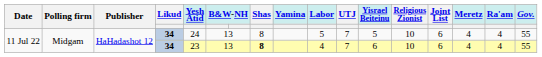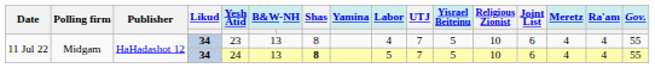 <table class="wikitable sortable" style=text-align:center;font-size:90%;line-height:12px>
 <tr>
 <th rowspan=2>Date</th>
 <th rowspan=2>Polling firm</th>
 <th rowspan=2>Publisher</th>
 <th><a href='#'>Likud</a></th>
 <th style=background:#cee><a href='#'>Yesh<br>Atid</a></th>
 <th style=background:#cee colspan=2><a href='#'>B&W</a>-<a href='#'>NH</a></th>
 <th><a href='#'>Shas</a></th>
 <th style=background:#cee><a href='#'>Yamina</a></th>
 <th style=background:#cee><a href='#'>Labor</a></th>
 <th><a href='#'>UTJ</a></th>
 <th style="background:#cee; font-size:90%"><a href='#'>Yisrael<br>Beiteinu</a></th>
 <th style=font-size:90%><a href='#'>Religious<br>Zionist</a></th>
 <th><a href='#'>Joint<br>List</a></th>
 <th style=background:#cee><a href='#'>Meretz</a></th>
 <th style=background:#cee><a href='#'>Ra'am</a></th>
 <th style=background:#cee><a href='#'><em>Gov.</em></a></th>
 </tr>
 <tr>
 <th style=background:></th>
 <th style=background:></th>
 <th style=background:></th>
 <th style=background:></th>
 <th style=background:></th>
 <th style=background:></th>
 <th style=background:></th>
 <th style=background:></th>
 <th style=background:></th>
 <th style=background:></th>
 <th style=background:></th>
 <th style=background:></th>
 <th style=background:></th>
 <th style=background:></th>
 </tr>
 <tr>
 <td rowspan=2 data-sort-value=2022-07-11>11 Jul 22</td>
 <td rowspan=2>Midgam</td>
 <td rowspan=2><a href='#'>HaHadashot 12</a></td>
 <td style=background:#BBCDE4><strong>34</strong>	</td>
+<td>23					</td>
+<td colspan=2>13		</td>
+<td>8					</td>
+<td>	</td>
+<td>4					</td>
+<td>7					</td>
+<td>5					</td>
+<td>10					</td>
+<td>6					</td>
+<td>4					</td>
+<td>4					</td>
+<td>55					</td>
+</tr>
+<tr style=background:#fffdb0>
+<td style=background:#BBCDE4><strong>34</strong>	</td>
 <td>24					</td>
 <td colspan=2>13		</td>
-<td>8					</td>
+<td><strong>8					</strong></td>
 <td>	</td>
 <td>5					</td>
 <td>7					</td>
 <td>5					</td>
 <td>10					</td>
 <td>6					</td>
 <td>4					</td>
 <td>4					</td>
 <td>55					</td>
 </tr>
-<tr style=background:#fffdb0>
-<td style=background:#BBCDE4><strong>34</strong>	</td>
-<td>23					</td>
-<td colspan=2>13		</td>
-<td><strong>8					</strong></td>
-<td>	</td>
-<td>4					</td>
-<td>7					</td>
-<td>6					</td>
-<td>10					</td>
-<td>6					</td>
-<td>4					</td>
-<td>4					</td>
-<td>55					</td>
-</tr>
 </table>
